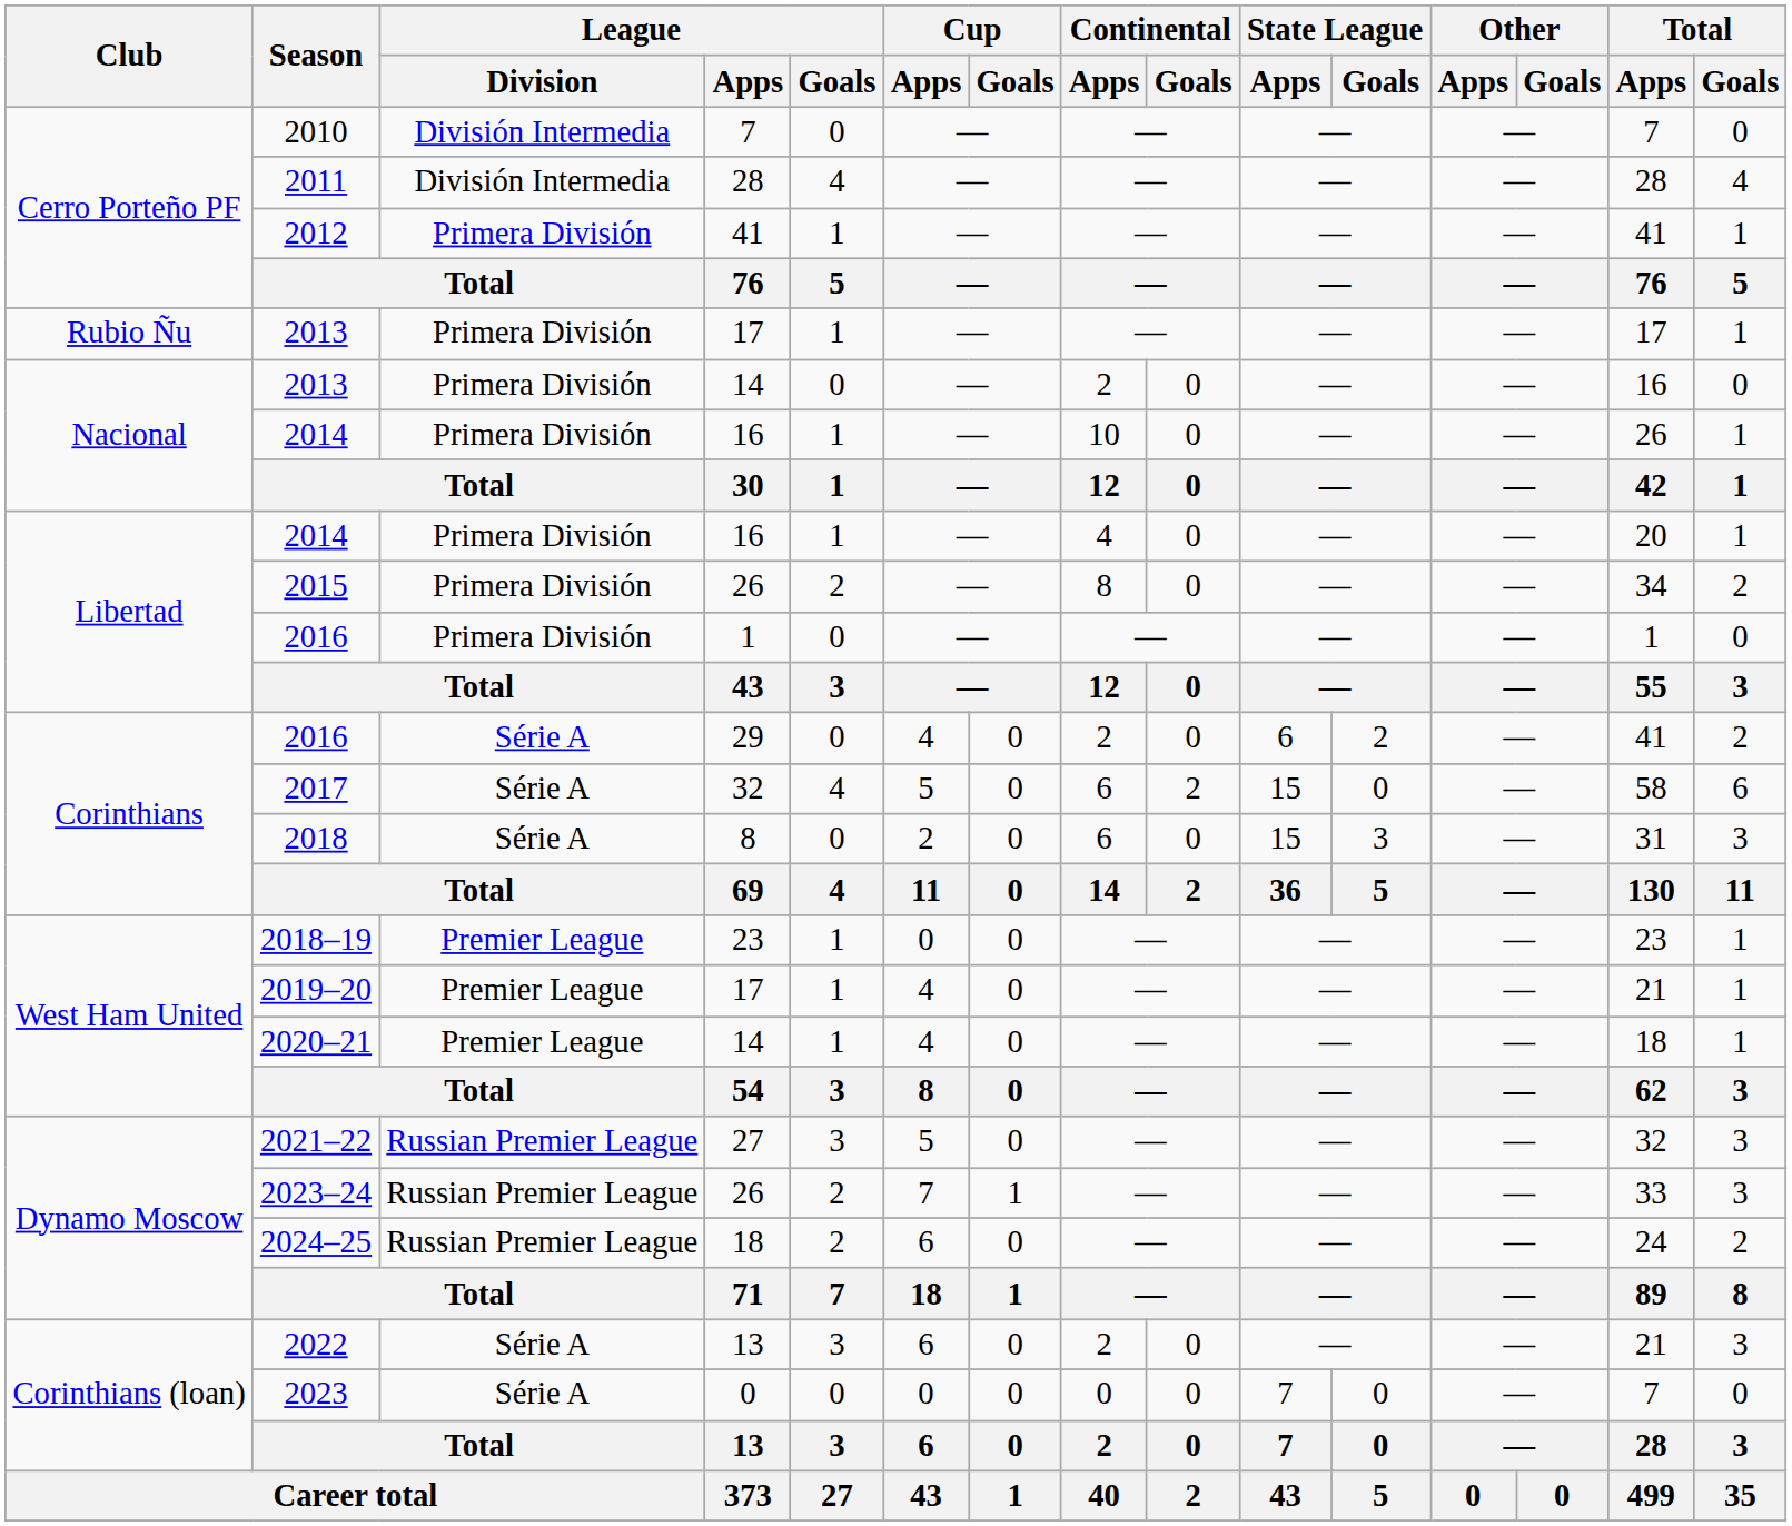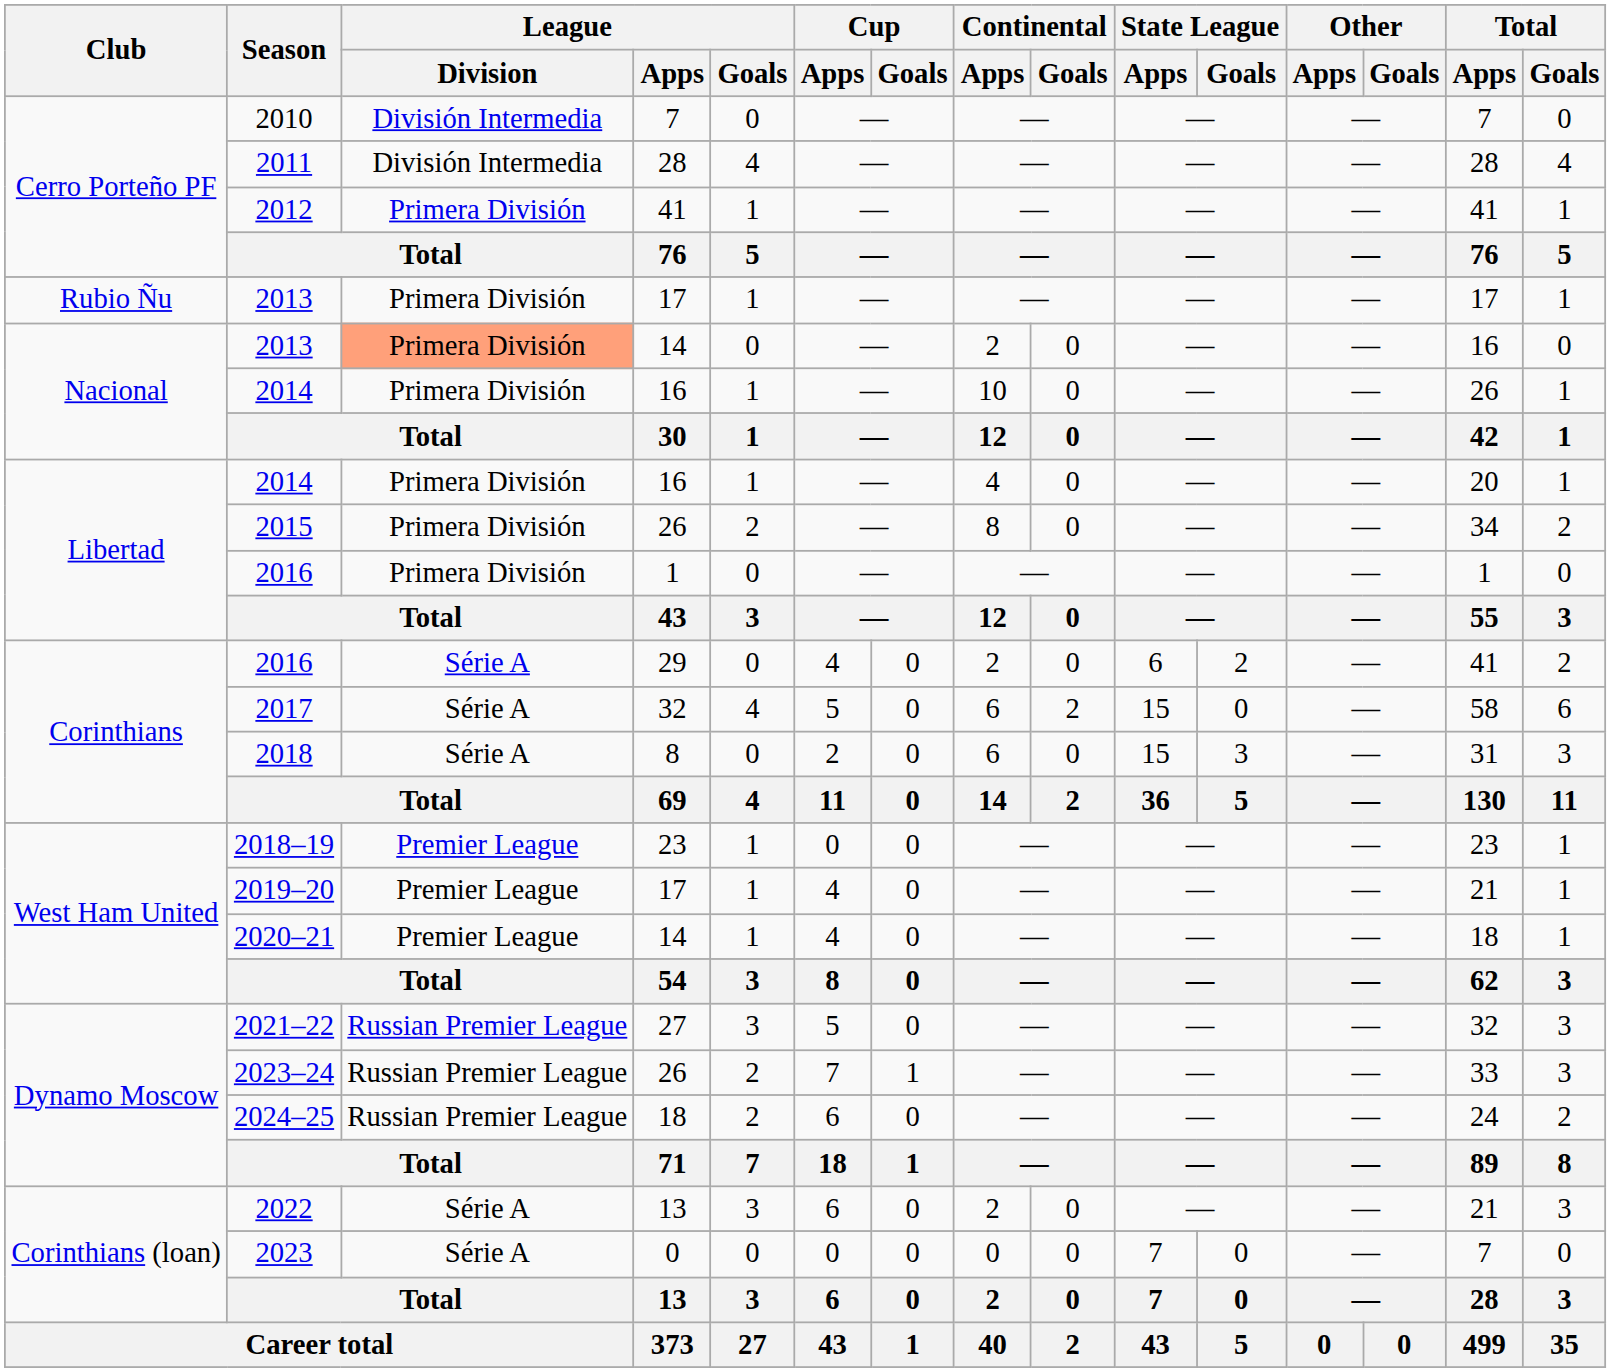 <table class="wikitable" style="text-align: center;">
 <tr>
 <th rowspan="2">Club</th>
 <th rowspan="2">Season</th>
 <th colspan="3">League</th>
 <th colspan="2">Cup</th>
 <th colspan="2">Continental</th>
 <th colspan="2">State League</th>
 <th colspan="2">Other</th>
 <th colspan="2">Total</th>
 </tr>
 <tr>
 <th>Division</th>
 <th>Apps</th>
 <th>Goals</th>
 <th>Apps</th>
 <th>Goals</th>
 <th>Apps</th>
 <th>Goals</th>
 <th>Apps</th>
 <th>Goals</th>
 <th>Apps</th>
 <th>Goals</th>
 <th>Apps</th>
 <th>Goals</th>
 </tr>
 <tr>
 <td rowspan="4"><a href='#'>Cerro Porteño PF</a></td>
 <td>2010</td>
 <td><a href='#'>División Intermedia</a></td>
 <td>7</td>
 <td>0</td>
 <td colspan="2">—</td>
 <td colspan="2">—</td>
 <td colspan="2">—</td>
 <td colspan="2">—</td>
 <td>7</td>
 <td>0</td>
 </tr>
 <tr>
 <td><a href='#'>2011</a></td>
 <td>División Intermedia</td>
 <td>28</td>
 <td>4</td>
 <td colspan="2">—</td>
 <td colspan="2">—</td>
 <td colspan="2">—</td>
 <td colspan="2">—</td>
 <td>28</td>
 <td>4</td>
 </tr>
 <tr>
 <td><a href='#'>2012</a></td>
 <td><a href='#'>Primera División</a></td>
 <td>41</td>
 <td>1</td>
 <td colspan="2">—</td>
 <td colspan="2">—</td>
 <td colspan="2">—</td>
 <td colspan="2">—</td>
 <td>41</td>
 <td>1</td>
 </tr>
 <tr>
 <th colspan="2">Total</th>
 <th>76</th>
 <th>5</th>
 <th colspan="2">—</th>
 <th colspan="2">—</th>
 <th colspan="2">—</th>
 <th colspan="2">—</th>
 <th>76</th>
 <th>5</th>
 </tr>
 <tr>
 <td><a href='#'>Rubio Ñu</a></td>
 <td><a href='#'>2013</a></td>
 <td>Primera División</td>
 <td>17</td>
 <td>1</td>
 <td colspan="2">—</td>
 <td colspan="2">—</td>
 <td colspan="2">—</td>
 <td colspan="2">—</td>
 <td>17</td>
 <td>1</td>
 </tr>
 <tr>
 <td rowspan="3"><a href='#'>Nacional</a></td>
 <td><a href='#'>2013</a></td>
-<td>Primera División</td>
+<td style="background: lightsalmon;">Primera División</td>
 <td>14</td>
 <td>0</td>
 <td colspan="2">—</td>
 <td>2</td>
 <td>0</td>
 <td colspan="2">—</td>
 <td colspan="2">—</td>
 <td>16</td>
 <td>0</td>
 </tr>
 <tr>
 <td><a href='#'>2014</a></td>
 <td>Primera División</td>
 <td>16</td>
 <td>1</td>
 <td colspan="2">—</td>
 <td>10</td>
 <td>0</td>
 <td colspan="2">—</td>
 <td colspan="2">—</td>
 <td>26</td>
 <td>1</td>
 </tr>
 <tr>
 <th colspan="2">Total</th>
 <th>30</th>
 <th>1</th>
 <th colspan="2">—</th>
 <th>12</th>
 <th>0</th>
 <th colspan="2">—</th>
 <th colspan="2">—</th>
 <th>42</th>
 <th>1</th>
 </tr>
 <tr>
 <td rowspan="4"><a href='#'>Libertad</a></td>
 <td><a href='#'>2014</a></td>
 <td>Primera División</td>
 <td>16</td>
 <td>1</td>
 <td colspan="2">—</td>
 <td>4</td>
 <td>0</td>
 <td colspan="2">—</td>
 <td colspan="2">—</td>
 <td>20</td>
 <td>1</td>
 </tr>
 <tr>
 <td><a href='#'>2015</a></td>
 <td>Primera División</td>
 <td>26</td>
 <td>2</td>
 <td colspan="2">—</td>
 <td>8</td>
 <td>0</td>
 <td colspan="2">—</td>
 <td colspan="2">—</td>
 <td>34</td>
 <td>2</td>
 </tr>
 <tr>
 <td><a href='#'>2016</a></td>
 <td>Primera División</td>
 <td>1</td>
 <td>0</td>
 <td colspan="2">—</td>
 <td colspan="2">—</td>
 <td colspan="2">—</td>
 <td colspan="2">—</td>
 <td>1</td>
 <td>0</td>
 </tr>
 <tr>
 <th colspan="2">Total</th>
 <th>43</th>
 <th>3</th>
 <th colspan="2">—</th>
 <th>12</th>
 <th>0</th>
 <th colspan="2">—</th>
 <th colspan="2">—</th>
 <th>55</th>
 <th>3</th>
 </tr>
 <tr>
 <td rowspan="4"><a href='#'>Corinthians</a></td>
 <td><a href='#'>2016</a></td>
 <td><a href='#'>Série A</a></td>
 <td>29</td>
 <td>0</td>
 <td>4</td>
 <td>0</td>
 <td>2</td>
 <td>0</td>
 <td>6</td>
 <td>2</td>
 <td colspan="2">—</td>
 <td>41</td>
 <td>2</td>
 </tr>
 <tr>
 <td><a href='#'>2017</a></td>
 <td>Série A</td>
 <td>32</td>
 <td>4</td>
 <td>5</td>
 <td>0</td>
 <td>6</td>
 <td>2</td>
 <td>15</td>
 <td>0</td>
 <td colspan="2">—</td>
 <td>58</td>
 <td>6</td>
 </tr>
 <tr>
 <td><a href='#'>2018</a></td>
 <td>Série A</td>
 <td>8</td>
 <td>0</td>
 <td>2</td>
 <td>0</td>
 <td>6</td>
 <td>0</td>
 <td>15</td>
 <td>3</td>
 <td colspan="2">—</td>
 <td>31</td>
 <td>3</td>
 </tr>
 <tr>
 <th colspan="2">Total</th>
 <th>69</th>
 <th>4</th>
 <th>11</th>
 <th>0</th>
 <th>14</th>
 <th>2</th>
 <th>36</th>
 <th>5</th>
 <th colspan="2">—</th>
 <th>130</th>
 <th>11</th>
 </tr>
 <tr>
 <td rowspan="4"><a href='#'>West Ham United</a></td>
 <td><a href='#'>2018–19</a></td>
 <td><a href='#'>Premier League</a></td>
 <td>23</td>
 <td>1</td>
 <td>0</td>
 <td>0</td>
 <td colspan="2">—</td>
 <td colspan="2">—</td>
 <td colspan="2">—</td>
 <td>23</td>
 <td>1</td>
 </tr>
 <tr>
 <td><a href='#'>2019–20</a></td>
 <td>Premier League</td>
 <td>17</td>
 <td>1</td>
 <td>4</td>
 <td>0</td>
 <td colspan="2">—</td>
 <td colspan="2">—</td>
 <td colspan="2">—</td>
 <td>21</td>
 <td>1</td>
 </tr>
 <tr>
 <td><a href='#'>2020–21</a></td>
 <td>Premier League</td>
 <td>14</td>
 <td>1</td>
 <td>4</td>
 <td>0</td>
 <td colspan="2">—</td>
 <td colspan="2">—</td>
 <td colspan="2">—</td>
 <td>18</td>
 <td>1</td>
 </tr>
 <tr>
 <th colspan="2">Total</th>
 <th>54</th>
 <th>3</th>
 <th>8</th>
 <th>0</th>
 <th colspan="2">—</th>
 <th colspan="2">—</th>
 <th colspan="2">—</th>
 <th>62</th>
 <th>3</th>
 </tr>
 <tr>
 <td rowspan="4"><a href='#'>Dynamo Moscow</a></td>
 <td><a href='#'>2021–22</a></td>
 <td><a href='#'>Russian Premier League</a></td>
 <td>27</td>
 <td>3</td>
 <td>5</td>
 <td>0</td>
 <td colspan="2">—</td>
 <td colspan="2">—</td>
 <td colspan="2">—</td>
 <td>32</td>
 <td>3</td>
 </tr>
 <tr>
 <td><a href='#'>2023–24</a></td>
 <td>Russian Premier League</td>
 <td>26</td>
 <td>2</td>
 <td>7</td>
 <td>1</td>
 <td colspan="2">—</td>
 <td colspan="2">—</td>
 <td colspan="2">—</td>
 <td>33</td>
 <td>3</td>
 </tr>
 <tr>
 <td><a href='#'>2024–25</a></td>
 <td>Russian Premier League</td>
 <td>18</td>
 <td>2</td>
 <td>6</td>
 <td>0</td>
 <td colspan="2">—</td>
 <td colspan="2">—</td>
 <td colspan="2">—</td>
 <td>24</td>
 <td>2</td>
 </tr>
 <tr>
 <th colspan="2">Total</th>
 <th>71</th>
 <th>7</th>
 <th>18</th>
 <th>1</th>
 <th colspan="2">—</th>
 <th colspan="2">—</th>
 <th colspan="2">—</th>
 <th>89</th>
 <th>8</th>
 </tr>
 <tr>
 <td rowspan="3"><a href='#'>Corinthians</a> (loan)</td>
 <td><a href='#'>2022</a></td>
 <td>Série A</td>
 <td>13</td>
 <td>3</td>
 <td>6</td>
 <td>0</td>
 <td>2</td>
 <td>0</td>
 <td colspan="2">—</td>
 <td colspan="2">—</td>
 <td>21</td>
 <td>3</td>
 </tr>
 <tr>
 <td><a href='#'>2023</a></td>
 <td>Série A</td>
 <td>0</td>
 <td>0</td>
 <td>0</td>
 <td>0</td>
 <td>0</td>
 <td>0</td>
 <td>7</td>
 <td>0</td>
 <td colspan="2">—</td>
 <td>7</td>
 <td>0</td>
 </tr>
 <tr>
 <th colspan="2">Total</th>
 <th>13</th>
 <th>3</th>
 <th>6</th>
 <th>0</th>
 <th>2</th>
 <th>0</th>
 <th>7</th>
 <th>0</th>
 <th colspan="2">—</th>
 <th>28</th>
 <th>3</th>
 </tr>
 <tr>
 <th colspan="3">Career total</th>
 <th>373</th>
 <th>27</th>
 <th>43</th>
 <th>1</th>
 <th>40</th>
 <th>2</th>
 <th>43</th>
 <th>5</th>
 <th>0</th>
 <th>0</th>
 <th>499</th>
 <th>35</th>
 </tr>
 </table>
